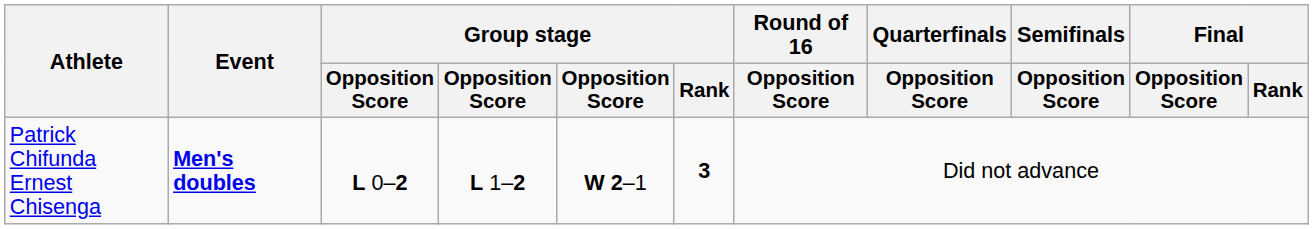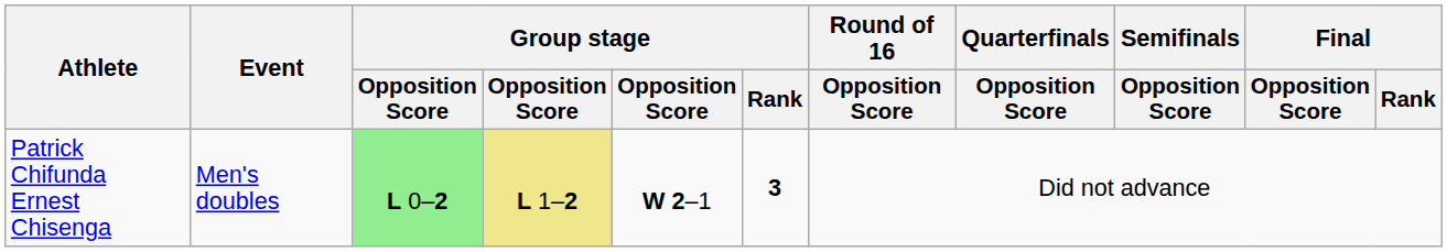 <table class=wikitable style="font-size:90%">
 <tr>
 <th rowspan=2>Athlete</th>
 <th rowspan=2>Event</th>
 <th colspan=4>Group stage</th>
 <th>Round of 16</th>
 <th>Quarterfinals</th>
 <th>Semifinals</th>
 <th colspan=2>Final</th>
 </tr>
 <tr style="font-size:95%">
 <th>Opposition<br>Score</th>
 <th>Opposition<br>Score</th>
 <th>Opposition<br>Score</th>
 <th>Rank</th>
 <th>Opposition<br>Score</th>
 <th>Opposition<br>Score</th>
 <th>Opposition<br>Score</th>
 <th>Opposition<br>Score</th>
 <th>Rank</th>
 </tr>
 <tr align=center>
 <td align=left><a href='#'>Patrick Chifunda</a><br><a href='#'>Ernest Chisenga</a></td>
-<td align=left><strong><a href='#'>Men's doubles</a></strong></td>
-<td><br><strong>L</strong> 0–<strong>2</strong></td>
-<td><br><strong>L</strong> 1–<strong>2</strong></td>
+<td align=left><a href='#'>Men's doubles</a></td>
+<td style="background: lightgreen;"><br><strong>L</strong> 0–<strong>2</strong></td>
+<td style="background: khaki;"><br><strong>L</strong> 1–<strong>2</strong></td>
 <td><br><strong>W</strong> <strong>2</strong>–1</td>
 <td><strong>3</strong></td>
 <td colspan=5>Did not advance</td>
 </tr>
 </table>
